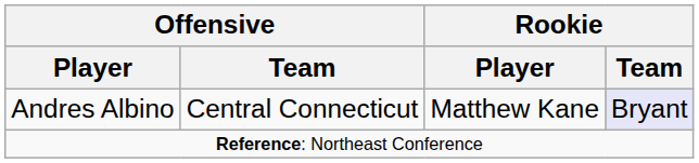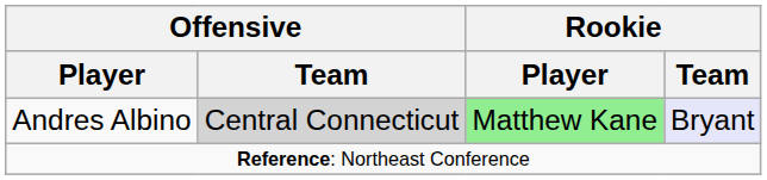 <table class="wikitable">
 <tr>
 <th colspan="2">Offensive</th>
 <th colspan="2">Rookie</th>
 </tr>
 <tr>
 <th>Player</th>
 <th>Team</th>
 <th>Player</th>
 <th>Team</th>
 </tr>
 <tr>
 <td>Andres Albino</td>
-<td>Central Connecticut</td>
-<td>Matthew Kane</td>
+<td style="background: lightgrey;">Central Connecticut</td>
+<td style="background: lightgreen;">Matthew Kane</td>
 <td style="background: lavender;">Bryant</td>
 </tr>
 <tr>
 <td colspan="12"  style="font-size:8pt; text-align:center;"><strong>Reference</strong>: Northeast Conference</td>
 </tr>
 </table>
